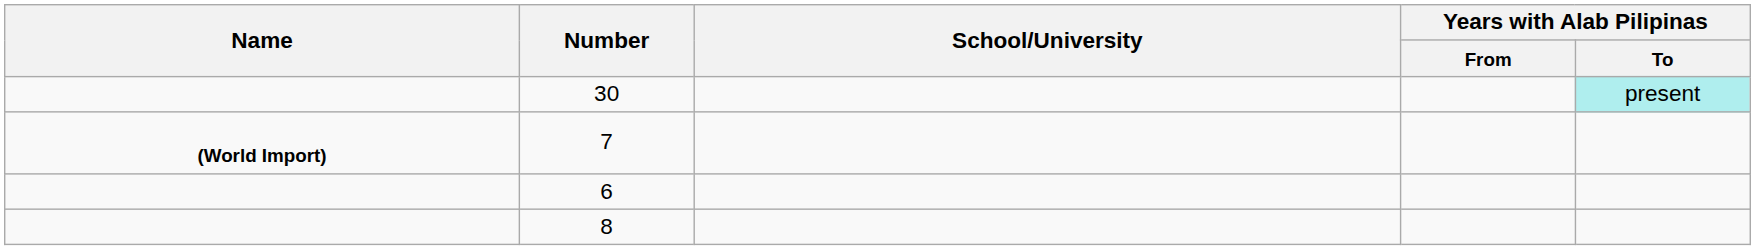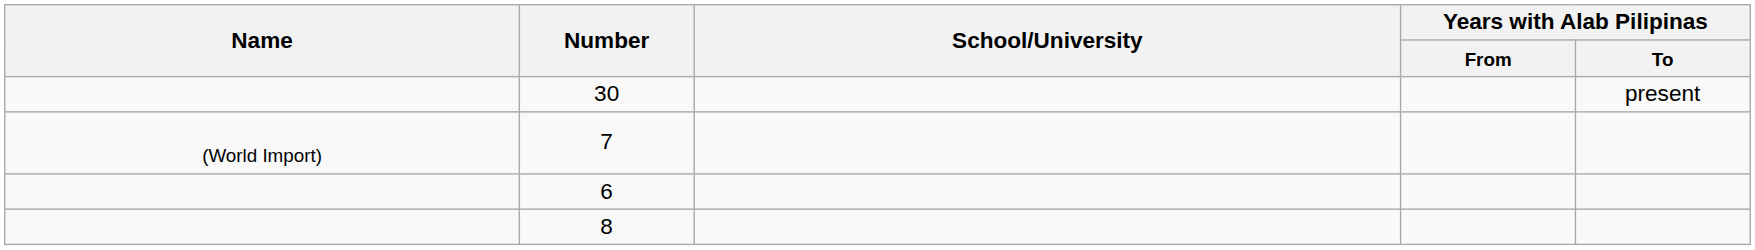 <table class="wikitable sortable" style="text-align:center" width="98%">
 <tr>
 <th style="width:180px;" rowspan="2">Name</th>
 <th style="width:10%;" colspan="2" rowspan="2">Number</th>
 <th style="width:250px;" rowspan="2">School/University</th>
 <th style="width:180px; text-align:center;" colspan="2">Years with Alab Pilipinas</th>
 </tr>
 <tr>
 <th style="width:10%; text-align:center;"><small>From</small></th>
 <th style="width:10%; text-align:center;"><small>To</small></th>
 </tr>
 <tr>
 <td></td>
 <td colspan="2">30</td>
 <td></td>
 <td></td>
-<td style="background: paleturquoise;">present</td>
+<td>present</td>
 </tr>
 <tr>
-<td><strong><br><small>(World Import)</small></strong></td>
+<td><br><small>(World Import)</small></td>
 <td colspan="2">7</td>
 <td></td>
 <td></td>
 <td></td>
 </tr>
 <tr>
 <td></td>
 <td colspan="2">6</td>
 <td></td>
 <td></td>
 <td></td>
 </tr>
 <tr>
 <td></td>
 <td colspan="2">8</td>
 <td></td>
 <td></td>
 <td></td>
 </tr>
 </table>
